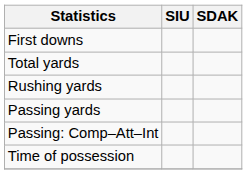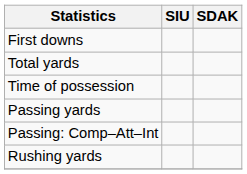 <table class="wikitable" style="float: left;">
 <tr>
 <th>Statistics</th>
 <th>SIU</th>
 <th>SDAK</th>
 </tr>
 <tr>
 <td>First downs</td>
 <td></td>
 <td></td>
 </tr>
 <tr>
 <td>Total yards</td>
 <td></td>
 <td></td>
 </tr>
 <tr>
-<td>Rushing yards</td>
+<td>Time of possession</td>
 <td></td>
 <td></td>
 </tr>
 <tr>
 <td>Passing yards</td>
 <td></td>
 <td></td>
 </tr>
 <tr>
 <td>Passing: Comp–Att–Int</td>
 <td></td>
 <td></td>
 </tr>
 <tr>
-<td>Time of possession</td>
+<td>Rushing yards</td>
 <td></td>
 <td></td>
 </tr>
 <tr>
 </tr>
 </table>
